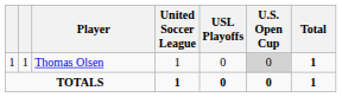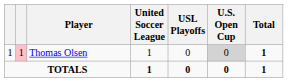 <table class="wikitable sortable" style="font-size: 95%; text-align: center;">
 <tr>
 <th width=10></th>
 <th width=10></th>
 <th width=150>Player</th>
 <th width=50>United Soccer League</th>
 <th width=50>USL Playoffs</th>
 <th width=50>U.S. Open Cup</th>
 <th width=50>Total</th>
 </tr>
 <tr>
 <td>1</td>
-<td>1</td>
+<td style="background: pink;">1</td>
 <td align=left> <a href='#'>Thomas Olsen</a></td>
 <td>1</td>
 <td>0</td>
 <td style="background: lightgrey;">0</td>
 <td><strong>1</strong></td>
 </tr>
 <tr>
 <td colspan="3"><strong>TOTALS</strong></td>
 <td><strong>1</strong></td>
 <td><strong>0</strong></td>
 <td><strong>0</strong></td>
 <td><strong>1</strong></td>
 </tr>
 </table>
